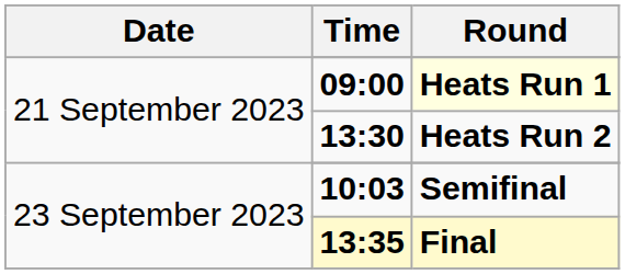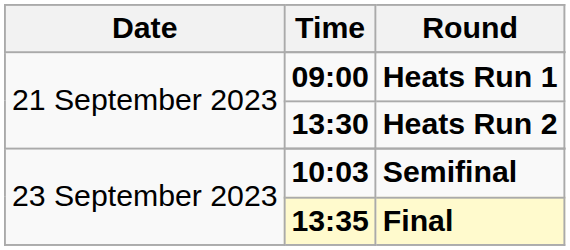 <table class="wikitable">
 <tr>
 <th>Date</th>
 <th>Time</th>
 <th>Round</th>
 </tr>
 <tr>
 <td rowspan=3>21 September 2023</td>
 </tr>
 <tr>
 <td><strong>09:00</strong></td>
-<td style="background: lightyellow;"><strong>Heats Run 1</strong></td>
+<td><strong>Heats Run 1</strong></td>
 </tr>
 <tr>
 <td><strong>13:30</strong></td>
 <td><strong>Heats Run 2</strong></td>
 </tr>
 <tr>
 <td rowspan=3>23 September 2023</td>
 </tr>
 <tr>
 <td><strong>10:03</strong></td>
 <td><strong>Semifinal</strong></td>
 </tr>
 <tr style=background:lemonchiffon>
 <td><strong>13:35</strong></td>
 <td><strong>Final</strong></td>
 </tr>
 </table>
